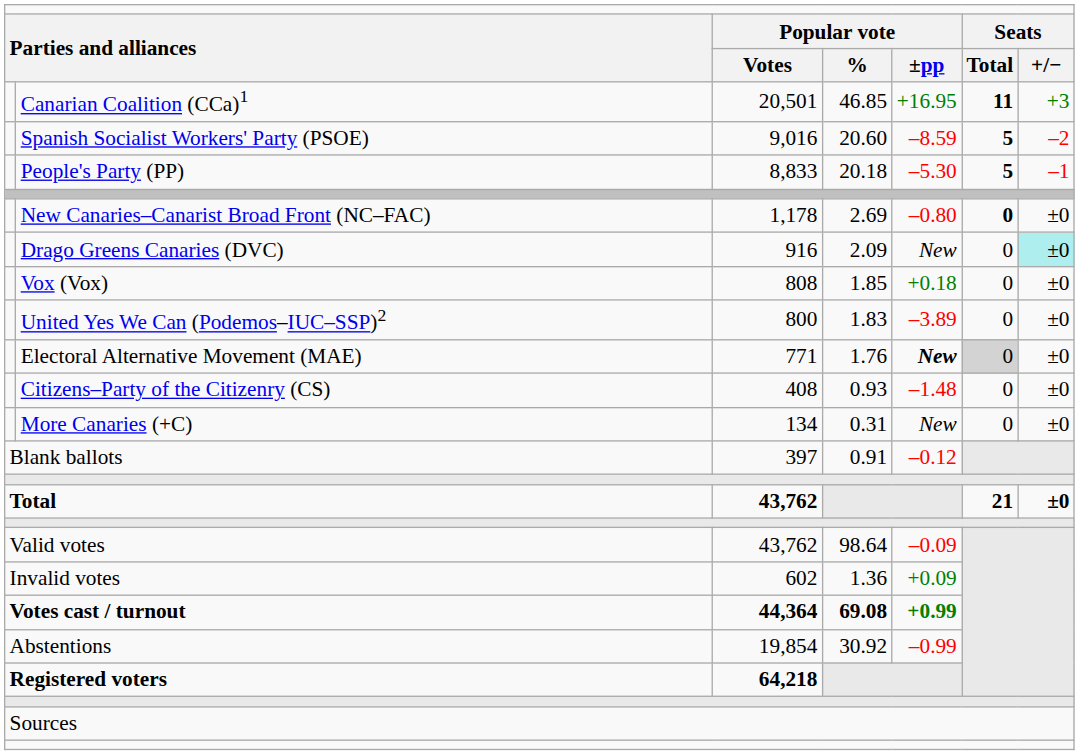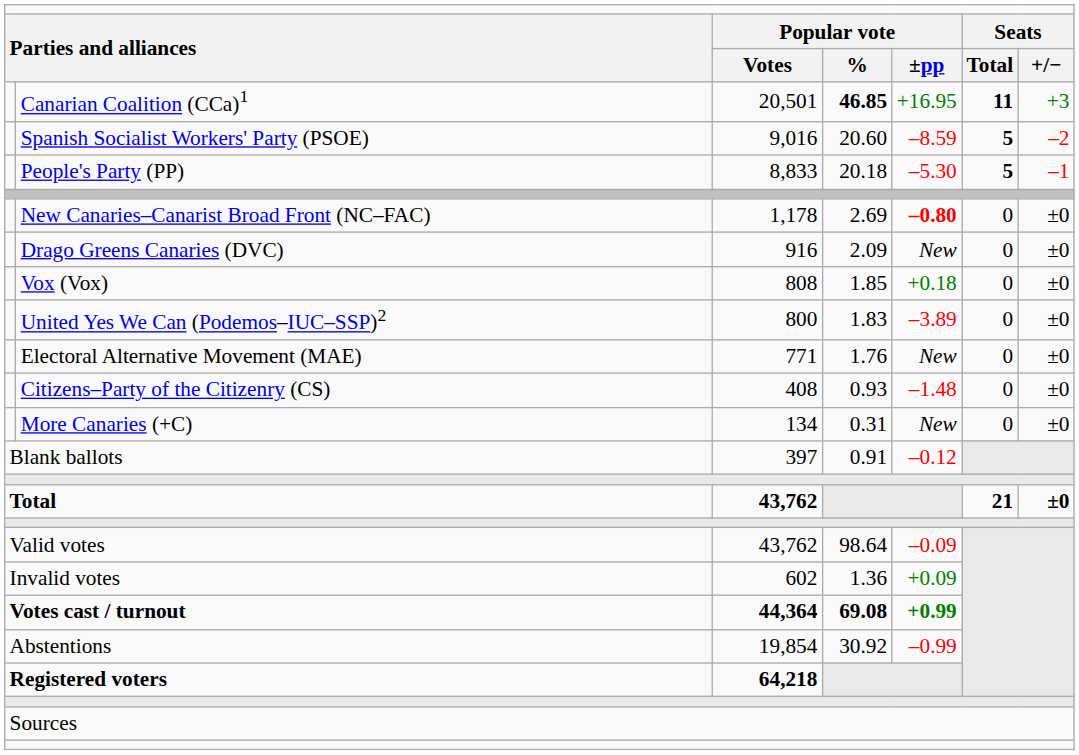 <table class="wikitable" style="text-align:right;">
 <tr>
 <td colspan="7"></td>
 </tr>
 <tr>
 <th style="text-align:left;" rowspan="2" colspan="2" width="525">Parties and alliances</th>
 <th colspan="3">Popular vote</th>
 <th colspan="2">Seats</th>
 </tr>
 <tr>
 <th width="75">Votes</th>
 <th width="45">%</th>
 <th width="45">±<a href='#'>pp</a></th>
 <th width="35">Total</th>
 <th width="35">+/−</th>
 </tr>
 <tr>
 <td width="1" style="color:inherit;background:"></td>
 <td align="left"><a href='#'>Canarian Coalition</a> (CCa)<sup>1</sup></td>
 <td>20,501</td>
-<td>46.85</td>
+<td><strong>46.85</strong></td>
 <td style="color:green;">+16.95</td>
 <td><strong>11</strong></td>
 <td style="color:green;">+3</td>
 </tr>
 <tr>
 <td style="color:inherit;background:"></td>
 <td align="left"><a href='#'>Spanish Socialist Workers' Party</a> (PSOE)</td>
 <td>9,016</td>
 <td>20.60</td>
 <td style="color:red;">–8.59</td>
 <td><strong>5</strong></td>
 <td style="color:red;">–2</td>
 </tr>
 <tr>
 <td style="color:inherit;background:"></td>
 <td align="left"><a href='#'>People's Party</a> (PP)</td>
 <td>8,833</td>
 <td>20.18</td>
 <td style="color:red;">–5.30</td>
 <td><strong>5</strong></td>
 <td style="color:red;">–1</td>
 </tr>
 <tr>
 <td colspan="7" bgcolor="#C0C0C0"></td>
 </tr>
 <tr>
 <td style="color:inherit;background:"></td>
 <td align="left"><a href='#'>New Canaries–Canarist Broad Front</a> (NC–FAC)</td>
 <td>1,178</td>
 <td>2.69</td>
-<td style="color:red;">–0.80</td>
-<td><strong>0</strong></td>
+<td style="color:red;"><strong>–0.80</strong></td>
+<td>0</td>
 <td>±0</td>
 </tr>
 <tr>
 <td style="color:inherit;background:"></td>
 <td align="left"><a href='#'>Drago Greens Canaries</a> (DVC)</td>
 <td>916</td>
 <td>2.09</td>
 <td><em>New</em></td>
 <td>0</td>
-<td style="background: paleturquoise;">±0</td>
+<td>±0</td>
 </tr>
 <tr>
 <td style="color:inherit;background:"></td>
 <td align="left"><a href='#'>Vox</a> (Vox)</td>
 <td>808</td>
 <td>1.85</td>
 <td style="color:green;">+0.18</td>
 <td>0</td>
 <td>±0</td>
 </tr>
 <tr>
 <td style="color:inherit;background:"></td>
 <td align="left"><a href='#'>United Yes We Can</a> (<a href='#'>Podemos</a>–<a href='#'>IUC–SSP</a>)<sup>2</sup></td>
 <td>800</td>
 <td>1.83</td>
 <td style="color:red;">–3.89</td>
 <td>0</td>
 <td>±0</td>
 </tr>
 <tr>
 <td style="color:inherit;background:"></td>
 <td align="left">Electoral Alternative Movement (MAE)</td>
 <td>771</td>
 <td>1.76</td>
-<td><strong><em>New</em></strong></td>
-<td style="background: lightgrey;">0</td>
+<td><em>New</em></td>
+<td>0</td>
 <td>±0</td>
 </tr>
 <tr>
 <td style="color:inherit;background:"></td>
 <td align="left"><a href='#'>Citizens–Party of the Citizenry</a> (CS)</td>
 <td>408</td>
 <td>0.93</td>
 <td style="color:red;">–1.48</td>
 <td>0</td>
 <td>±0</td>
 </tr>
 <tr>
 <td style="color:inherit;background:"></td>
 <td align="left"><a href='#'>More Canaries</a> (+C)</td>
 <td>134</td>
 <td>0.31</td>
 <td><em>New</em></td>
 <td>0</td>
 <td>±0</td>
 </tr>
 <tr>
 <td align="left" colspan="2">Blank ballots</td>
 <td>397</td>
 <td>0.91</td>
 <td style="color:red;">–0.12</td>
 <td bgcolor="#E9E9E9" colspan="2"></td>
 </tr>
 <tr>
 <td colspan="7" bgcolor="#E9E9E9"></td>
 </tr>
 <tr style="font-weight:bold;">
 <td align="left" colspan="2">Total</td>
 <td>43,762</td>
 <td bgcolor="#E9E9E9" colspan="2"></td>
 <td>21</td>
 <td>±0</td>
 </tr>
 <tr>
 <td colspan="7" bgcolor="#E9E9E9"></td>
 </tr>
 <tr>
 <td align="left" colspan="2">Valid votes</td>
 <td>43,762</td>
 <td>98.64</td>
 <td style="color:red;">–0.09</td>
 <td bgcolor="#E9E9E9" colspan="2" rowspan="5"></td>
 </tr>
 <tr>
 <td align="left" colspan="2">Invalid votes</td>
 <td>602</td>
 <td>1.36</td>
 <td style="color:green;">+0.09</td>
 </tr>
 <tr style="font-weight:bold;">
 <td align="left" colspan="2">Votes cast / turnout</td>
 <td>44,364</td>
 <td>69.08</td>
 <td style="color:green;">+0.99</td>
 </tr>
 <tr>
 <td align="left" colspan="2">Abstentions</td>
 <td>19,854</td>
 <td>30.92</td>
 <td style="color:red;">–0.99</td>
 </tr>
 <tr style="font-weight:bold;">
 <td align="left" colspan="2">Registered voters</td>
 <td>64,218</td>
 <td bgcolor="#E9E9E9" colspan="2"></td>
 </tr>
 <tr>
 <td colspan="7" bgcolor="#E9E9E9"></td>
 </tr>
 <tr>
 <td align="left" colspan="7">Sources</td>
 </tr>
 <tr>
 <td colspan="7" style="text-align:left; max-width:790px;"></td>
 </tr>
 </table>
